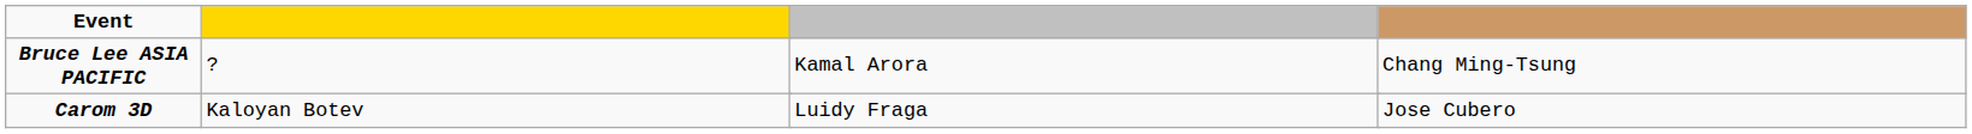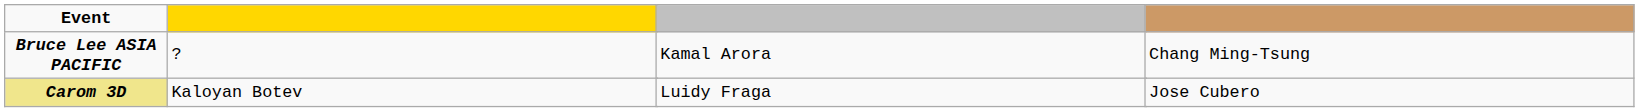 <table class="wikitable" width=100%>
 <tr>
 <td style="text-align:center"  width=10%><strong>Event</strong></td>
 <td colspan="2" style="text-align:center" bgcolor="gold" width=30%></td>
 <td colspan="2" style="text-align:center" bgcolor="silver" width=30%></td>
 <td colspan="2" style="text-align:center" bgcolor="CC9966" width=30%></td>
 </tr>
 <tr>
 <td style="text-align:center"><strong><em>Bruce Lee ASIA PACIFIC </em></strong></td>
 <td colspan="2">?</td>
 <td colspan="2"> Kamal Arora</td>
 <td colspan="2"> Chang Ming-Tsung</td>
 </tr>
 <tr>
-<td style="text-align:center"><strong><em>Carom 3D</em></strong></td>
+<td style="background: khaki; text-align:center"><strong><em>Carom 3D</em></strong></td>
 <td colspan="2"> Kaloyan Botev</td>
 <td colspan="2"> Luidy Fraga</td>
 <td colspan="2"> Jose Cubero</td>
 </tr>
 </table>
